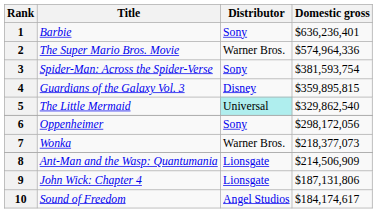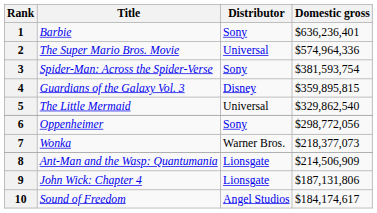 <table class="wikitable">
 <tr>
 <th>Rank</th>
 <th>Title</th>
 <th>Distributor</th>
 <th>Domestic gross </th>
 </tr>
 <tr style="text-align:left;">
 <th style="text-align:center;" ->1</th>
 <td><em><a href='#'>Barbie</a></em></td>
 <td><a href='#'>Sony</a></td>
 <td>$636,236,401</td>
 </tr>
 <tr style="text-align:left;">
 <th style="text-align:center;" ->2</th>
 <td><em><a href='#'>The Super Mario Bros. Movie</a></em></td>
-<td>Warner Bros.</td>
+<td><a href='#'>Universal</a></td>
 <td>$574,964,336</td>
 </tr>
 <tr style="text-align:left;">
 <th style="text-align:center;" ->3</th>
 <td><em><a href='#'>Spider-Man: Across the Spider-Verse</a></em></td>
 <td><a href='#'>Sony</a></td>
 <td>$381,593,754</td>
 </tr>
 <tr style="text-align:left;">
 <th style="text-align:center;" ->4</th>
 <td><em><a href='#'>Guardians of the Galaxy Vol. 3</a></em></td>
 <td><a href='#'>Disney</a></td>
 <td>$359,895,815</td>
 </tr>
 <tr>
 <th>5</th>
 <td><em><a href='#'>The Little Mermaid</a></em></td>
-<td style="background: paleturquoise;">Universal</td>
+<td>Universal</td>
 <td>$329,862,540</td>
 </tr>
 <tr>
 </tr>
 <tr style="text-align:left;">
 <th style="text-align:center;" ->6</th>
 <td><em><a href='#'>Oppenheimer</a></em></td>
 <td><a href='#'>Sony</a></td>
-<td>$298,172,056</td>
+<td>$298,772,056</td>
 </tr>
 <tr>
 <th>7</th>
 <td><em><a href='#'>Wonka</a></em></td>
 <td>Warner Bros.</td>
 <td>$218,377,073</td>
 </tr>
 <tr>
 </tr>
 <tr style="text-align:left;">
 <th style="text-align:center;" ->8</th>
 <td><em><a href='#'>Ant-Man and the Wasp: Quantumania</a></em></td>
 <td><a href='#'>Lionsgate</a></td>
 <td>$214,506,909</td>
 </tr>
 <tr style="text-align:left;">
 <th style="text-align:center;" ->9</th>
 <td><em><a href='#'>John Wick: Chapter 4</a></em></td>
 <td><a href='#'>Lionsgate</a></td>
 <td>$187,131,806</td>
 </tr>
 <tr style="text-align:left;">
 <th style="text-align:center;">10</th>
 <td><em><a href='#'>Sound of Freedom</a></em></td>
 <td><a href='#'>Angel Studios</a></td>
 <td>$184,174,617</td>
 </tr>
 </table>
